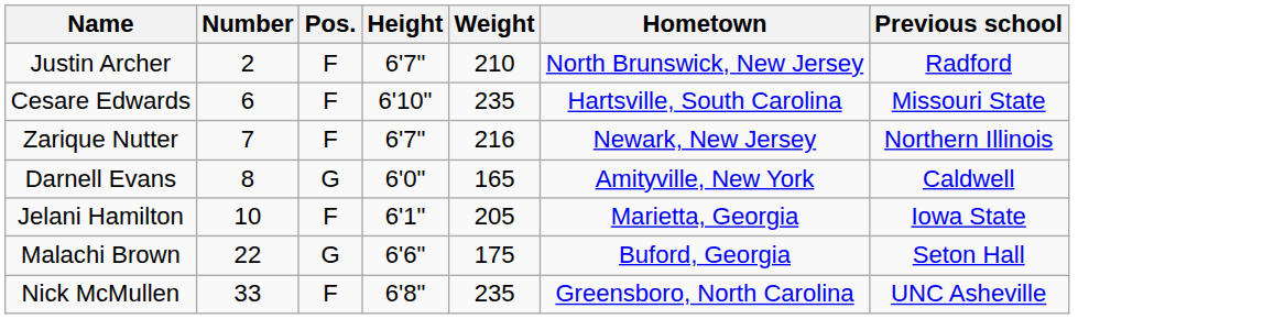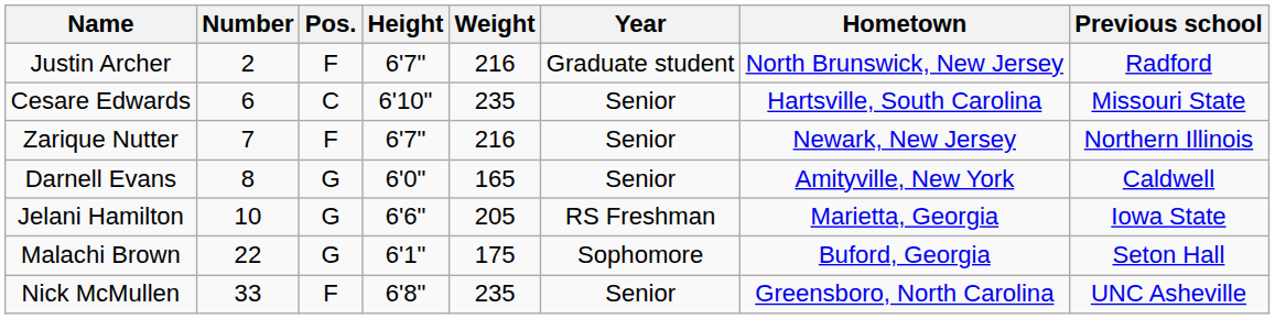 <table class="wikitable sortable" style="text-align:center">
 <tr align=center>
 <th>Name</th>
 <th>Number</th>
 <th>Pos.</th>
 <th>Height</th>
 <th>Weight</th>
+<th>Year</th>
 <th>Hometown</th>
 <th class="unsortable">Previous school</th>
 </tr>
 <tr>
 <td>Justin Archer</td>
 <td>2</td>
 <td>F</td>
 <td>6'7"</td>
-<td>210</td>
+<td>216</td>
+<td>Graduate student</td>
 <td><a href='#'>North Brunswick, New Jersey</a></td>
 <td><a href='#'>Radford</a></td>
 </tr>
 <tr>
 <td>Cesare Edwards</td>
 <td>6</td>
-<td>F</td>
+<td>C</td>
 <td>6'10"</td>
 <td>235</td>
+<td>Senior</td>
 <td><a href='#'>Hartsville, South Carolina</a></td>
 <td><a href='#'>Missouri State</a></td>
 </tr>
 <tr>
 <td>Zarique Nutter</td>
 <td>7</td>
 <td>F</td>
 <td>6'7"</td>
 <td>216</td>
+<td>Senior</td>
 <td><a href='#'>Newark, New Jersey</a></td>
 <td><a href='#'>Northern Illinois</a></td>
 </tr>
 <tr>
 <td>Darnell Evans</td>
 <td>8</td>
 <td>G</td>
 <td>6'0"</td>
 <td>165</td>
+<td>Senior</td>
 <td><a href='#'>Amityville, New York</a></td>
 <td><a href='#'>Caldwell</a></td>
 </tr>
 <tr>
 <td>Jelani Hamilton</td>
 <td>10</td>
-<td>F</td>
-<td>6'1"</td>
+<td>G</td>
+<td>6'6"</td>
 <td>205</td>
+<td>RS Freshman</td>
 <td><a href='#'>Marietta, Georgia</a></td>
 <td><a href='#'>Iowa State</a></td>
 </tr>
 <tr>
 <td>Malachi Brown</td>
 <td>22</td>
 <td>G</td>
-<td>6'6"</td>
+<td>6'1"</td>
 <td>175</td>
+<td>Sophomore</td>
 <td><a href='#'>Buford, Georgia</a></td>
 <td><a href='#'>Seton Hall</a></td>
 </tr>
 <tr>
 <td>Nick McMullen</td>
 <td>33</td>
 <td>F</td>
 <td>6'8"</td>
 <td>235</td>
+<td>Senior</td>
 <td><a href='#'>Greensboro, North Carolina</a></td>
 <td><a href='#'>UNC Asheville</a></td>
 </tr>
 </table>
